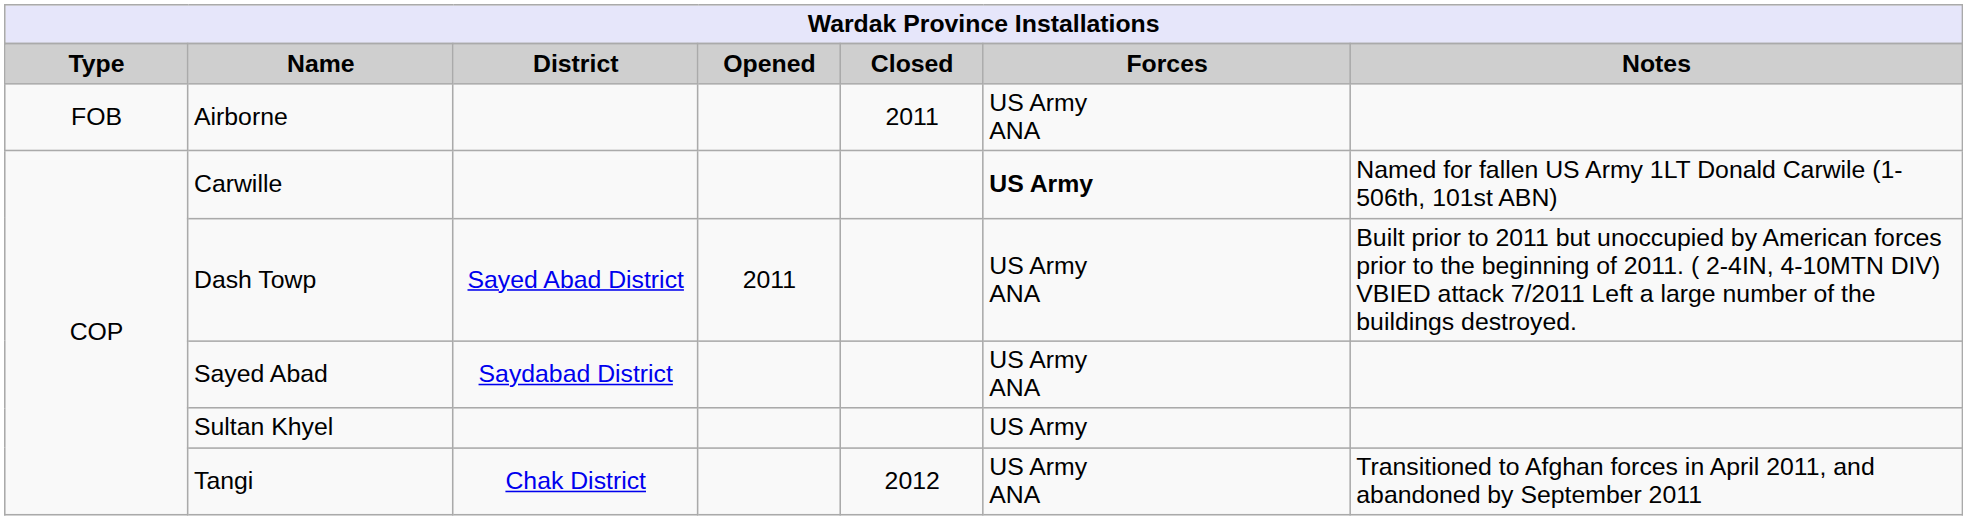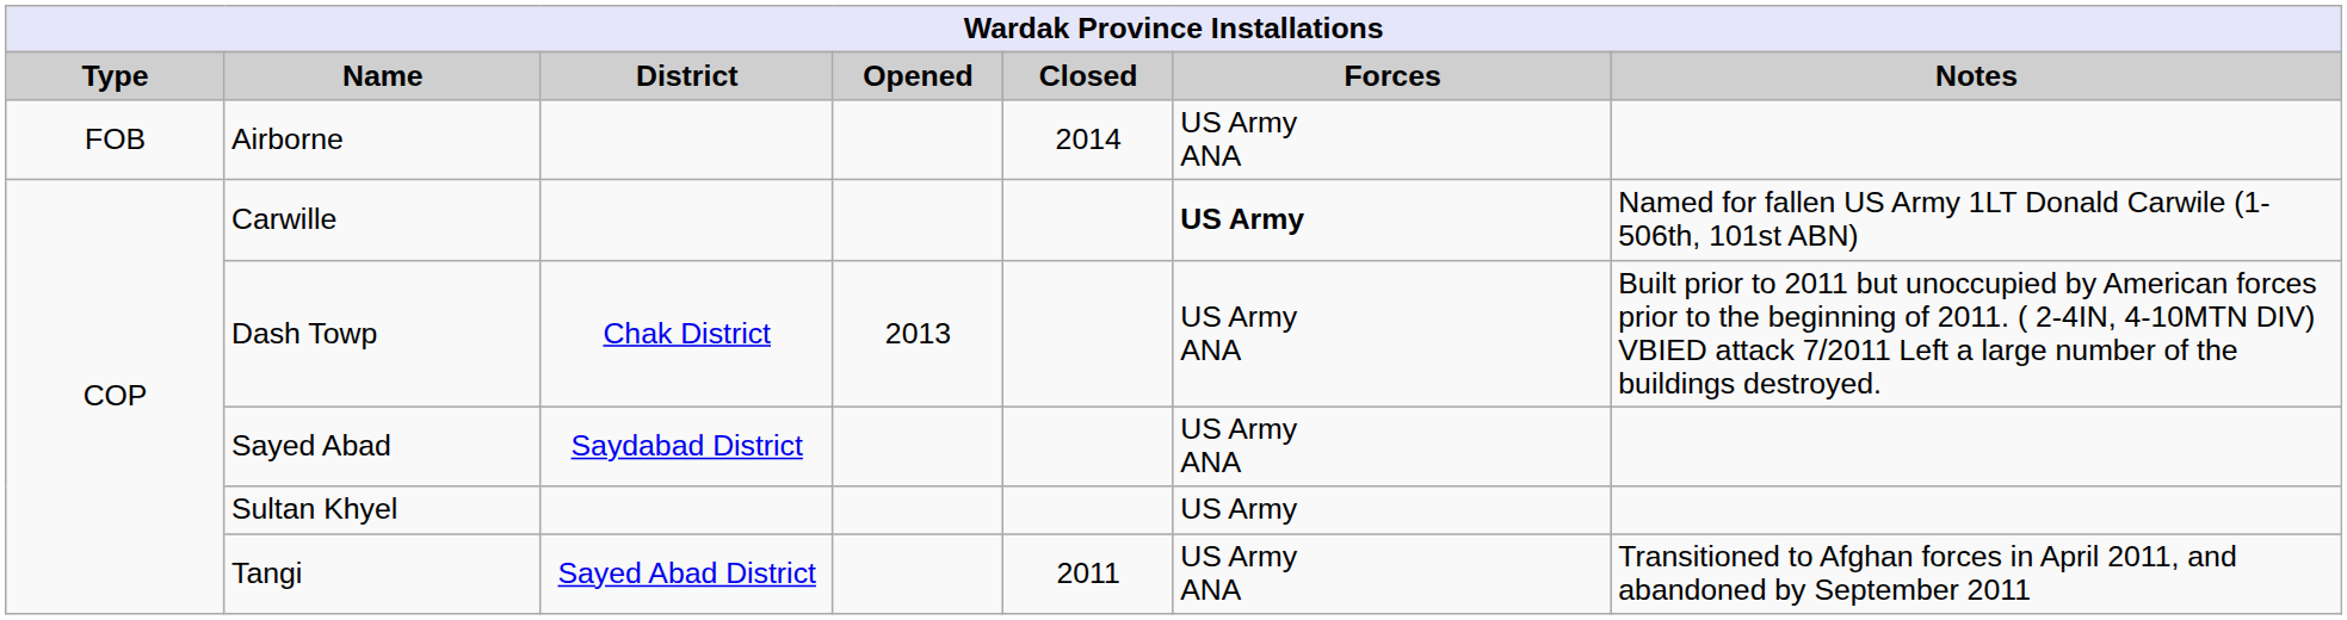 <table class="wikitable sortable" width="100%">
 <tr>
 <th style="align: center; background: lavender" colspan="7"><strong>Wardak Province Installations</strong></th>
 </tr>
 <tr style="background:#efefef; color:black">
 </tr>
 <tr>
 <th style="background-color:#cfcfcf;" align="center" width="9%" align="center">Type</th>
 <th style="background-color:#cfcfcf;" align="center" width="13%">Name</th>
 <th style="background-color:#cfcfcf;" align="center" width="12%">District</th>
 <th style="background-color:#cfcfcf;" align="center" width="7%">Opened</th>
 <th style="background-color:#cfcfcf;" align="center" width="7%">Closed</th>
 <th style="background-color:#cfcfcf;" align="center" width="18%" class="unsortable">Forces</th>
 <th style="background-color:#cfcfcf;" align="center" width="30%" class="unsortable">Notes</th>
 </tr>
 <tr>
 <td align="center">FOB</td>
 <td>Airborne</td>
 <td align="center"></td>
 <td align="center"></td>
-<td align="center">2011</td>
+<td align="center">2014</td>
 <td> US Army<br> ANA</td>
 <td></td>
 </tr>
 <tr>
 <td rowspan="5" align="center">COP</td>
 <td>Carwille</td>
 <td align="center"></td>
 <td align="center"></td>
 <td align="center"></td>
 <td><strong> US Army</strong></td>
 <td>Named for fallen US Army 1LT Donald Carwile (1-506th, 101st ABN)</td>
 </tr>
 <tr>
 <td>Dash Towp</td>
-<td align="center"><a href='#'>Sayed Abad District</a></td>
-<td align="center">2011</td>
+<td align="center"><a href='#'>Chak District</a></td>
+<td align="center">2013</td>
 <td align="center"></td>
 <td> US Army<br> ANA</td>
 <td>Built prior to 2011 but unoccupied by American forces prior to the beginning of 2011. ( 2-4IN, 4-10MTN DIV) VBIED attack 7/2011 Left a large number of the buildings destroyed.<br></td>
 </tr>
 <tr>
 <td>Sayed Abad</td>
 <td align="center"><a href='#'>Saydabad District</a></td>
 <td align="center"></td>
 <td align="center"></td>
 <td> US Army<br> ANA</td>
 <td></td>
 </tr>
 <tr>
 <td>Sultan Khyel</td>
 <td align="center"></td>
 <td align="center"></td>
 <td align="center"></td>
 <td> US Army</td>
 <td></td>
 </tr>
 <tr>
 <td>Tangi</td>
-<td align="center"><a href='#'>Chak District</a></td>
+<td align="center"><a href='#'>Sayed Abad District</a></td>
 <td align="center"></td>
-<td align="center">2012</td>
+<td align="center">2011</td>
 <td> US Army<br> ANA</td>
 <td>Transitioned to Afghan forces in April 2011, and abandoned by September 2011</td>
 </tr>
 </table>
